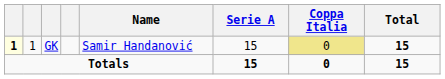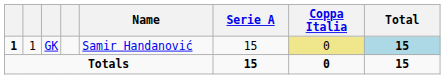 <table class="wikitable" style="text-align:center">
 <tr>
 <th width=15></th>
 <th width=15></th>
 <th width=15></th>
 <th width=15></th>
 <th width=145>Name</th>
 <th width=80><a href='#'>Serie A</a></th>
 <th width=80><a href='#'>Coppa Italia</a></th>
 <th width=80>Total</th>
 </tr>
 <tr>
-<td style="background: lightyellow;"><strong>1</strong></td>
+<td><strong>1</strong></td>
 <td>1</td>
 <td><a href='#'>GK</a></td>
 <td></td>
 <td align=left><a href='#'>Samir Handanović</a></td>
 <td>15</td>
 <td style="background: khaki;">0</td>
-<td><strong>15</strong></td>
+<td style="background: lightblue;"><strong>15</strong></td>
 </tr>
 <tr>
 <td colspan=5><strong>Totals</strong></td>
 <td><strong>15</strong></td>
 <td><strong>0</strong></td>
 <td><strong>15</strong></td>
 </tr>
 </table>
